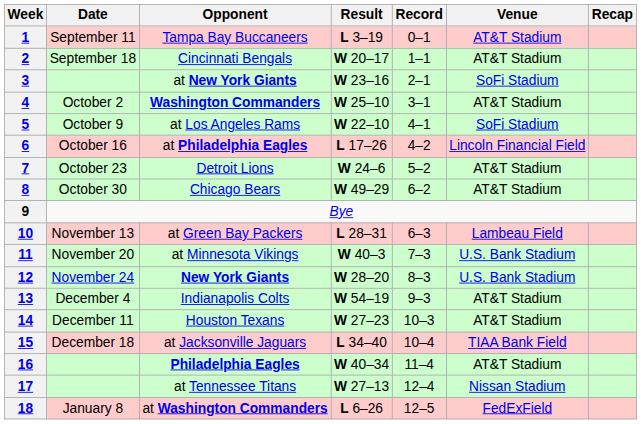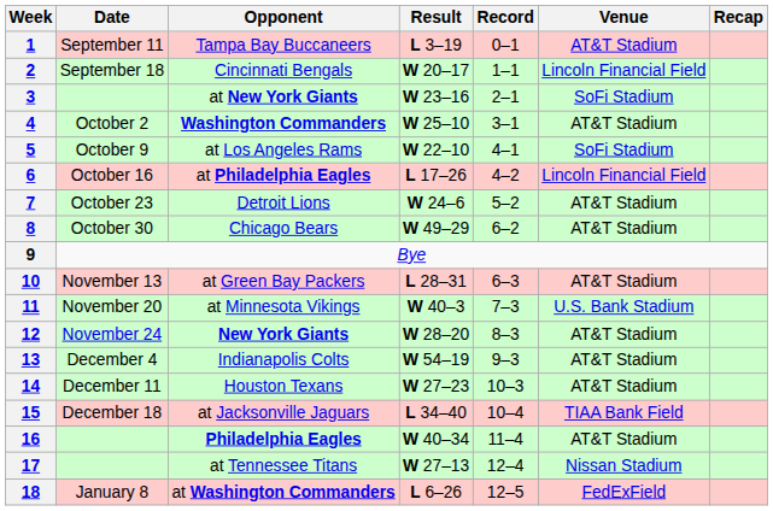 <table class="wikitable" style="text-align:center">
 <tr>
 <th>Week</th>
 <th>Date</th>
 <th>Opponent</th>
 <th>Result</th>
 <th>Record</th>
 <th>Venue</th>
 <th>Recap</th>
 </tr>
 <tr style="background:#fcc">
 <th><a href='#'>1</a></th>
 <td>September 11</td>
 <td><a href='#'>Tampa Bay Buccaneers</a></td>
 <td><strong>L</strong> 3–19</td>
 <td>0–1</td>
 <td><a href='#'>AT&T Stadium</a></td>
 <td></td>
 </tr>
 <tr style="background:#cfc">
 <th><a href='#'>2</a></th>
 <td>September 18</td>
 <td><a href='#'>Cincinnati Bengals</a></td>
 <td><strong>W</strong> 20–17</td>
 <td>1–1</td>
-<td>AT&T Stadium</td>
+<td><a href='#'>Lincoln Financial Field</a></td>
 <td></td>
 </tr>
 <tr style="background:#cfc">
 <th><a href='#'>3</a></th>
 <td></td>
 <td>at <strong><a href='#'>New York Giants</a></strong></td>
 <td><strong>W</strong> 23–16</td>
 <td>2–1</td>
 <td><a href='#'>SoFi Stadium</a></td>
 <td></td>
 </tr>
 <tr style="background:#cfc">
 <th><a href='#'>4</a></th>
 <td>October 2</td>
 <td><strong><a href='#'>Washington Commanders</a></strong></td>
 <td><strong>W</strong> 25–10</td>
 <td>3–1</td>
 <td>AT&T Stadium</td>
 <td></td>
 </tr>
 <tr style="background:#cfc">
 <th><a href='#'>5</a></th>
 <td>October 9</td>
 <td>at <a href='#'>Los Angeles Rams</a></td>
 <td><strong>W</strong> 22–10</td>
 <td>4–1</td>
 <td><a href='#'>SoFi Stadium</a></td>
 <td></td>
 </tr>
 <tr style="background:#fcc">
 <th><a href='#'>6</a></th>
 <td>October 16</td>
 <td>at <strong><a href='#'>Philadelphia Eagles</a></strong></td>
 <td><strong>L</strong> 17–26</td>
 <td>4–2</td>
 <td><a href='#'>Lincoln Financial Field</a></td>
 <td></td>
 </tr>
 <tr style="background:#cfc">
 <th><a href='#'>7</a></th>
 <td>October 23</td>
 <td><a href='#'>Detroit Lions</a></td>
 <td><strong>W</strong> 24–6</td>
 <td>5–2</td>
 <td>AT&T Stadium</td>
 <td></td>
 </tr>
 <tr style="background:#cfc">
 <th><a href='#'>8</a></th>
 <td>October 30</td>
 <td><a href='#'>Chicago Bears</a></td>
 <td><strong>W</strong> 49–29</td>
 <td>6–2</td>
 <td>AT&T Stadium</td>
 <td></td>
 </tr>
 <tr>
 <th>9</th>
 <td colspan="6"><em><a href='#'>Bye</a></em></td>
 </tr>
 <tr style="background:#fcc">
 <th><a href='#'>10</a></th>
 <td>November 13</td>
 <td>at <a href='#'>Green Bay Packers</a></td>
 <td><strong>L</strong> 28–31 </td>
 <td>6–3</td>
-<td><a href='#'>Lambeau Field</a></td>
+<td>AT&T Stadium</td>
 <td></td>
 </tr>
 <tr style="background:#cfc">
 <th><a href='#'>11</a></th>
 <td>November 20</td>
 <td>at <a href='#'>Minnesota Vikings</a></td>
 <td><strong>W</strong> 40–3</td>
 <td>7–3</td>
 <td><a href='#'>U.S. Bank Stadium</a></td>
 <td></td>
 </tr>
 <tr style="background:#cfc">
 <th><a href='#'>12</a></th>
 <td><a href='#'>November 24</a></td>
 <td><strong><a href='#'>New York Giants</a></strong></td>
 <td><strong>W</strong> 28–20</td>
 <td>8–3</td>
-<td><a href='#'>U.S. Bank Stadium</a></td>
+<td>AT&T Stadium</td>
 <td></td>
 </tr>
 <tr style="background:#cfc">
 <th><a href='#'>13</a></th>
 <td>December 4</td>
 <td><a href='#'>Indianapolis Colts</a></td>
 <td><strong>W</strong> 54–19</td>
 <td>9–3</td>
 <td>AT&T Stadium</td>
 <td></td>
 </tr>
 <tr style="background:#cfc">
 <th><a href='#'>14</a></th>
 <td>December 11</td>
 <td><a href='#'>Houston Texans</a></td>
 <td><strong>W</strong> 27–23</td>
 <td>10–3</td>
 <td>AT&T Stadium</td>
 <td></td>
 </tr>
 <tr style="background:#fcc">
 <th><a href='#'>15</a></th>
 <td>December 18</td>
 <td>at <a href='#'>Jacksonville Jaguars</a></td>
 <td><strong>L</strong> 34–40 </td>
 <td>10–4</td>
 <td><a href='#'>TIAA Bank Field</a></td>
 <td></td>
 </tr>
 <tr style="background:#cfc">
 <th><a href='#'>16</a></th>
 <td></td>
 <td><strong><a href='#'>Philadelphia Eagles</a></strong></td>
 <td><strong>W</strong> 40–34</td>
 <td>11–4</td>
 <td>AT&T Stadium</td>
 <td></td>
 </tr>
 <tr style="background:#cfc">
 <th><a href='#'>17</a></th>
 <td></td>
 <td>at <a href='#'>Tennessee Titans</a></td>
 <td><strong>W</strong> 27–13</td>
 <td>12–4</td>
 <td><a href='#'>Nissan Stadium</a></td>
 <td></td>
 </tr>
 <tr style="background:#fcc">
 <th><a href='#'>18</a></th>
 <td>January 8</td>
 <td>at <strong><a href='#'>Washington Commanders</a></strong></td>
 <td><strong>L</strong> 6–26</td>
 <td>12–5</td>
 <td><a href='#'>FedExField</a></td>
 <td></td>
 </tr>
 </table>
